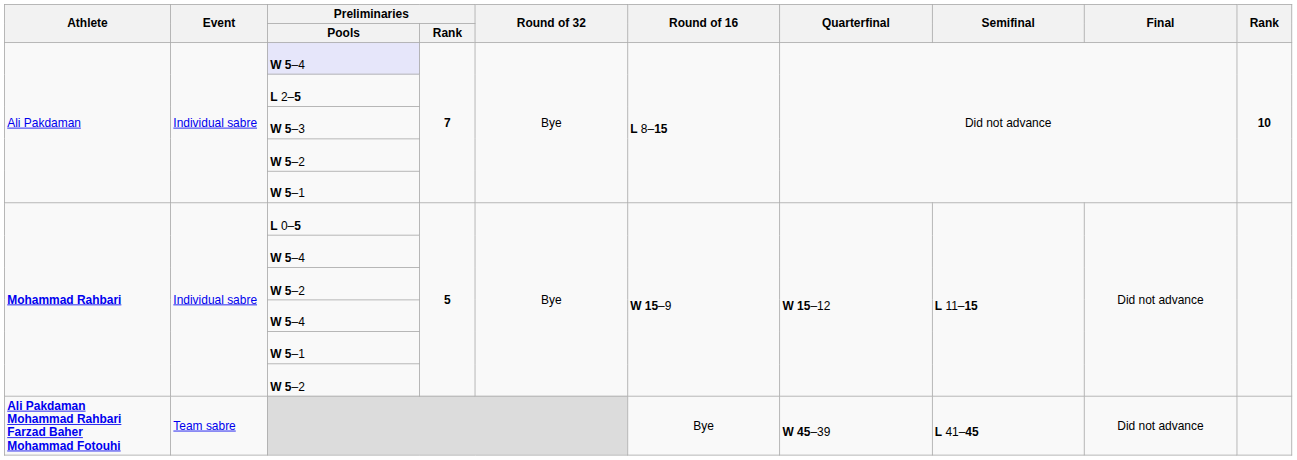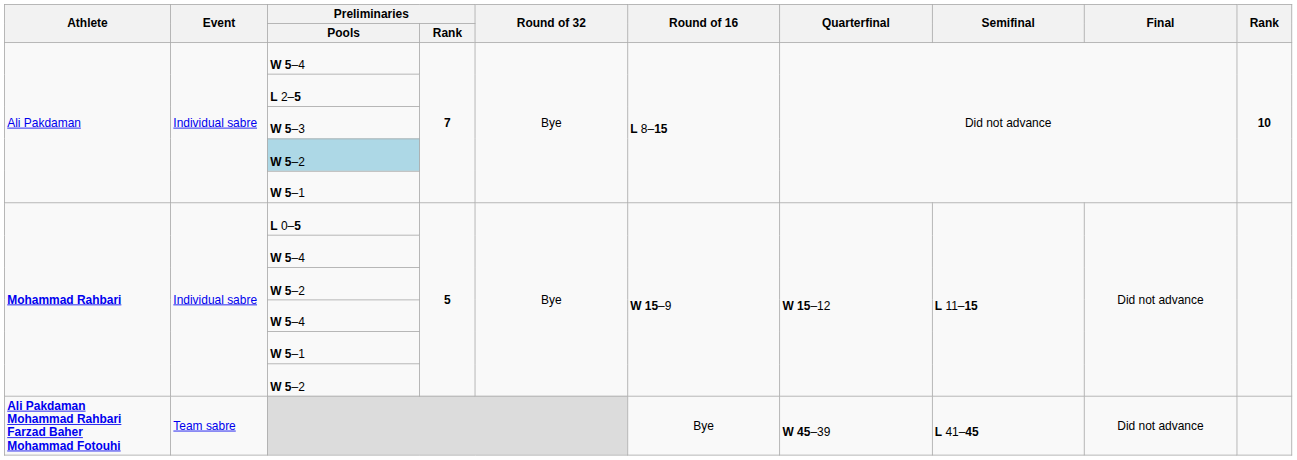 <table class="wikitable" width="98%" style="text-align:left; font-size:90%">
 <tr>
 <th rowspan="2" width="12%">Athlete</th>
 <th rowspan="2" width="7%">Event</th>
 <th colspan="2">Preliminaries</th>
 <th rowspan="2" width="11%">Round of 32</th>
 <th rowspan="2" width="11%">Round of 16</th>
 <th rowspan="2" width="11%">Quarterfinal</th>
 <th rowspan="2" width="11%">Semifinal</th>
 <th rowspan="2" width="11%">Final</th>
 <th rowspan="2" width="4%">Rank</th>
 </tr>
 <tr>
 <th width="11%">Pools</th>
 <th width="4%">Rank</th>
 </tr>
 <tr>
 <td rowspan="5"><a href='#'>Ali Pakdaman</a></td>
 <td rowspan="5"><a href='#'>Individual sabre</a></td>
-<td style="background: lavender;"><br><strong>W</strong> <strong>5</strong>–4</td>
+<td><br><strong>W</strong> <strong>5</strong>–4</td>
 <td rowspan="5" align=center><strong>7</strong> <strong></strong></td>
 <td rowspan="5" align=center>Bye</td>
 <td rowspan="5"><br><strong>L</strong> 8–<strong>15</strong></td>
 <td rowspan="5" colspan=3 align=center>Did not advance</td>
 <td rowspan="5" align="center"><strong>10</strong></td>
 </tr>
 <tr>
 <td><br><strong>L</strong> 2–<strong>5</strong></td>
 </tr>
 <tr>
 <td><br><strong>W</strong> <strong>5</strong>–3</td>
 </tr>
 <tr>
-<td><br><strong>W</strong> <strong>5</strong>–2</td>
+<td style="background: lightblue;"><br><strong>W</strong> <strong>5</strong>–2</td>
 </tr>
 <tr>
 <td><br><strong>W</strong> <strong>5</strong>–1</td>
 </tr>
 <tr>
 <td rowspan="6"><strong><a href='#'>Mohammad Rahbari</a></strong></td>
 <td rowspan="6"><a href='#'>Individual sabre</a></td>
 <td><br><strong>L</strong> 0–<strong>5</strong></td>
 <td rowspan="6" align=center><strong>5</strong> <strong></strong></td>
 <td rowspan="6" align=center>Bye</td>
 <td rowspan="6"><br><strong>W</strong> <strong>15</strong>–9</td>
 <td rowspan="6"><br><strong>W</strong> <strong>15</strong>–12</td>
 <td rowspan="6"><br><strong>L</strong> 11–<strong>15</strong></td>
 <td rowspan="6" align=center>Did not advance</td>
 <td rowspan="6" align="center"></td>
 </tr>
 <tr>
 <td><br><strong>W</strong> <strong>5</strong>–4</td>
 </tr>
 <tr>
 <td><br><strong>W</strong> <strong>5</strong>–2</td>
 </tr>
 <tr>
 <td><br><strong>W</strong> <strong>5</strong>–4</td>
 </tr>
 <tr>
 <td><br><strong>W</strong> <strong>5</strong>–1</td>
 </tr>
 <tr>
 <td><br><strong>W</strong> <strong>5</strong>–2</td>
 </tr>
 <tr>
 <td><strong><a href='#'>Ali Pakdaman</a></strong><br><strong><a href='#'>Mohammad Rahbari</a></strong><br><strong><a href='#'>Farzad Baher</a></strong><br><strong><a href='#'>Mohammad Fotouhi</a></strong></td>
 <td><a href='#'>Team sabre</a></td>
 <td colspan=3 bgcolor=#DCDCDC></td>
 <td align=center>Bye</td>
 <td><br><strong>W</strong> <strong>45</strong>–39</td>
 <td><br><strong>L</strong> 41–<strong>45</strong></td>
 <td align="center">Did not advance</td>
 <td align="center"></td>
 </tr>
 </table>
